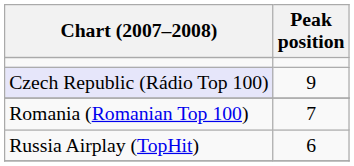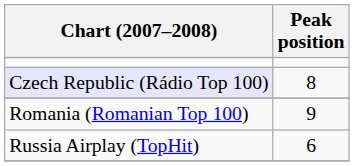 <table class="wikitable sortable">
 <tr>
 <th>Chart (2007–2008)</th>
 <th>Peak<br>position</th>
 </tr>
 <tr>
 </tr>
 <tr>
 </tr>
 <tr>
 </tr>
 <tr>
 </tr>
 <tr>
 </tr>
 <tr>
 </tr>
 <tr>
 <td></td>
 </tr>
 <tr>
 <td style="background: lavender;">Czech Republic (Rádio Top 100)</td>
-<td style="text-align:center;">9</td>
+<td style="text-align:center;">8</td>
 </tr>
 <tr>
 </tr>
 <tr>
 </tr>
 <tr>
 </tr>
 <tr>
 </tr>
 <tr>
 </tr>
 <tr>
 </tr>
 <tr>
 </tr>
 <tr>
 </tr>
 <tr>
 </tr>
 <tr>
 </tr>
 <tr>
 </tr>
 <tr>
 <td>Romania (<a href='#'>Romanian Top 100</a>)</td>
-<td style="text-align:center;">7</td>
+<td style="text-align:center;">9</td>
 </tr>
 <tr>
 <td>Russia Airplay (<a href='#'>TopHit</a>)</td>
 <td style="text-align:center;">6</td>
 </tr>
 <tr>
 </tr>
 <tr>
 </tr>
 <tr>
 </tr>
 <tr>
 </tr>
 <tr>
 </tr>
 <tr>
 </tr>
 <tr>
 </tr>
 <tr>
 </tr>
 <tr>
 </tr>
 <tr>
 </tr>
 <tr>
 </tr>
 </table>
